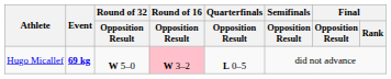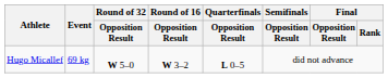 <table class="wikitable" style="text-align:center; font-size:90%">
 <tr>
 <th rowspan=2>Athlete</th>
 <th rowspan=2>Event</th>
 <th>Round of 32</th>
 <th>Round of 16</th>
 <th>Quarterfinals</th>
 <th>Semifinals</th>
 <th colspan=2>Final</th>
 </tr>
 <tr style="font-size:95%">
 <th>Opposition<br>Result</th>
 <th>Opposition<br>Result</th>
 <th>Opposition<br>Result</th>
 <th>Opposition<br>Result</th>
 <th>Opposition<br>Result</th>
 <th>Rank</th>
 </tr>
 <tr>
 <td align=left><a href='#'>Hugo Micallef</a></td>
-<td align=left><strong><a href='#'>69 kg</a></strong></td>
+<td align=left><a href='#'>69 kg</a></td>
 <td><br><strong>W</strong> 5–0</td>
-<td style="background: pink;"><br> <strong>W</strong> 3–2</td>
+<td><br> <strong>W</strong> 3–2</td>
 <td><br> <strong>L</strong> 0–5</td>
 <td colspan=3>did not advance</td>
 </tr>
 </table>
